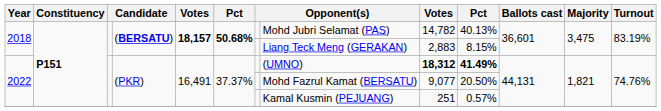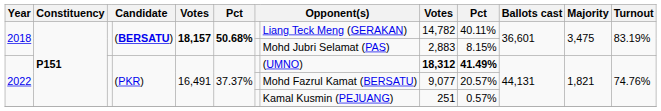 <table class="wikitable" style="margin:0.5em ; font-size:95%">
 <tr>
 <th>Year</th>
 <th>Constituency</th>
 <th colspan=2>Candidate</th>
 <th>Votes</th>
 <th>Pct</th>
 <th colspan=2>Opponent(s)</th>
 <th>Votes</th>
 <th>Pct</th>
 <th>Ballots cast</th>
 <th>Majority</th>
 <th>Turnout</th>
 </tr>
 <tr>
 <td rowspan=2><a href='#'>2018</a></td>
 <td rowspan="5"><strong>P151 </strong></td>
 <td rowspan="2" ></td>
 <td rowspan=2> (<a href='#'><strong>BERSATU</strong></a>)</td>
 <td rowspan=2 align="right"><strong>18,157</strong></td>
 <td rowspan=2><strong>50.68%</strong></td>
 <td></td>
-<td>Mohd Jubri Selamat (<a href='#'>PAS</a>)</td>
+<td><a href='#'>Liang Teck Meng</a> (<a href='#'>GERAKAN</a>)</td>
 <td align="right">14,782</td>
-<td>40.13%</td>
+<td>40.11%</td>
 <td rowspan=2>36,601</td>
 <td rowspan=2>3,475</td>
 <td rowspan=2>83.19%</td>
 </tr>
 <tr>
 <td></td>
-<td><a href='#'>Liang Teck Meng</a> (<a href='#'>GERAKAN</a>)</td>
+<td>Mohd Jubri Selamat (<a href='#'>PAS</a>)</td>
 <td align="right">2,883</td>
 <td align="right">8.15%</td>
 </tr>
 <tr>
 <td rowspan="3"><a href='#'>2022</a></td>
 <td rowspan="3" ></td>
 <td rowspan="3"> (<a href='#'>PKR</a>)</td>
 <td rowspan="3" align="right">16,491</td>
 <td rowspan="3">37.37%</td>
 <td></td>
 <td> (<a href='#'>UMNO</a>)</td>
 <td align="right"><strong>18,312</strong></td>
 <td><strong>41.49%</strong></td>
 <td rowspan="3">44,131</td>
 <td rowspan="3">1,821</td>
 <td rowspan="3">74.76%</td>
 </tr>
 <tr>
 <td></td>
 <td>Mohd Fazrul Kamat (<a href='#'>BERSATU</a>)</td>
 <td align="right">9,077</td>
-<td>20.50%</td>
+<td>20.57%</td>
 </tr>
 <tr>
 <td></td>
 <td>Kamal Kusmin (<a href='#'>PEJUANG</a>)</td>
 <td align="right">251</td>
 <td align="right">0.57%</td>
 </tr>
 <tr>
 </tr>
 </table>
